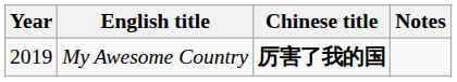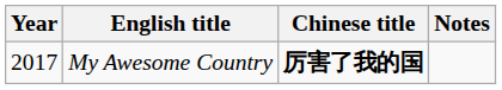 <table class="wikitable">
 <tr>
 <th width=10>Year</th>
 <th>English title</th>
 <th>Chinese title</th>
 <th>Notes</th>
 </tr>
 <tr>
-<td>2019</td>
+<td>2017</td>
 <td><em>My Awesome Country</em></td>
 <td><strong>厉害了我的国</strong></td>
 <td></td>
 </tr>
 </table>
